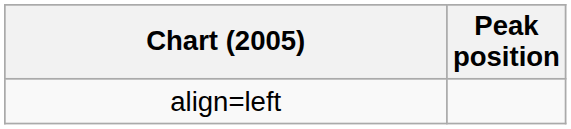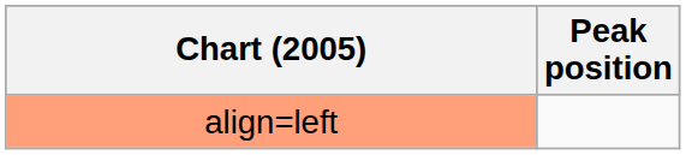 <table class="wikitable plainrowheaders sortable" style="text-align:center;" border="1">
 <tr>
 <th scope="col" style="width:66mm;">Chart (2005)</th>
 <th scope="col">Peak<br>position</th>
 </tr>
 <tr>
-<td>align=left</td>
+<td style="background: lightsalmon;">align=left</td>
 </tr>
 </table>
